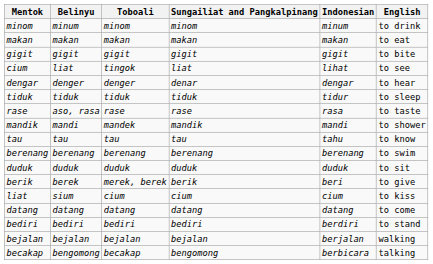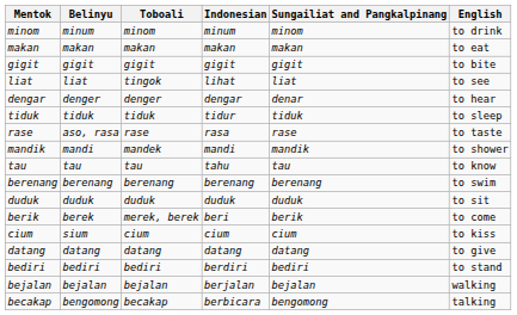 <table class="wikitable">
 <tr>
 <th>Mentok</th>
 <th>Belinyu</th>
 <th>Toboali</th>
+<th>Indonesian</th>
 <th>Sungailiat and Pangkalpinang</th>
-<th>Indonesian</th>
 <th>English</th>
 </tr>
 <tr>
 <td><em>minom</em></td>
 <td><em>minum</em></td>
 <td><em>minom</em></td>
+<td><em>minum</em></td>
 <td><em>minom</em></td>
-<td><em>minum</em></td>
 <td>to drink</td>
 </tr>
 <tr>
 <td><em>makan</em></td>
 <td><em>makan</em></td>
 <td><em>makan</em></td>
 <td><em>makan</em></td>
 <td><em>makan</em></td>
 <td>to eat</td>
 </tr>
 <tr>
 <td><em>gigit</em></td>
 <td><em>gigit</em></td>
 <td><em>gigit</em></td>
 <td><em>gigit</em></td>
 <td><em>gigit</em></td>
 <td>to bite</td>
 </tr>
 <tr>
-<td><em>cium</em></td>
+<td><em>liat</em></td>
 <td><em>liat</em></td>
 <td><em>tingok</em></td>
+<td><em>lihat</em></td>
 <td><em>liat</em></td>
-<td><em>lihat</em></td>
 <td>to see</td>
 </tr>
 <tr>
 <td><em>dengar</em></td>
 <td><em>denger</em></td>
 <td><em>denger</em></td>
+<td><em>dengar</em></td>
 <td><em>denar</em></td>
-<td><em>dengar</em></td>
 <td>to hear</td>
 </tr>
 <tr>
 <td><em>tiduk</em></td>
 <td><em>tiduk</em></td>
 <td><em>tiduk</em></td>
+<td><em>tidur</em></td>
 <td><em>tiduk</em></td>
-<td><em>tidur</em></td>
 <td>to sleep</td>
 </tr>
 <tr>
 <td><em>rase</em></td>
 <td><em>aso, rasa</em></td>
 <td><em>rase</em></td>
+<td><em>rasa</em></td>
 <td><em>rase</em></td>
-<td><em>rasa</em></td>
 <td>to taste</td>
 </tr>
 <tr>
 <td><em>mandik</em></td>
 <td><em>mandi</em></td>
 <td><em>mandek</em></td>
+<td><em>mandi</em></td>
 <td><em>mandik</em></td>
-<td><em>mandi</em></td>
 <td>to shower</td>
 </tr>
 <tr>
 <td><em>tau</em></td>
 <td><em>tau</em></td>
 <td><em>tau</em></td>
+<td><em>tahu</em></td>
 <td><em>tau</em></td>
-<td><em>tahu</em></td>
 <td>to know</td>
 </tr>
 <tr>
 <td><em>berenang</em></td>
 <td><em>berenang</em></td>
 <td><em>berenang</em></td>
 <td><em>berenang</em></td>
 <td><em>berenang</em></td>
 <td>to swim</td>
 </tr>
 <tr>
 <td><em>duduk</em></td>
 <td><em>duduk</em></td>
 <td><em>duduk</em></td>
 <td><em>duduk</em></td>
 <td><em>duduk</em></td>
 <td>to sit</td>
 </tr>
 <tr>
 <td><em>berik</em></td>
 <td><em>berek</em></td>
 <td><em>merek, berek</em></td>
+<td><em>beri</em></td>
 <td><em>berik</em></td>
-<td><em>beri</em></td>
-<td>to give</td>
+<td>to come</td>
 </tr>
 <tr>
-<td><em>liat</em></td>
+<td><em>cium</em></td>
 <td><em>sium</em></td>
 <td><em>cium</em></td>
 <td><em>cium</em></td>
 <td><em>cium</em></td>
 <td>to kiss</td>
 </tr>
 <tr>
 <td><em>datang</em></td>
 <td><em>datang</em></td>
 <td><em>datang</em></td>
 <td><em>datang</em></td>
 <td><em>datang</em></td>
-<td>to come</td>
+<td>to give</td>
 </tr>
 <tr>
 <td><em>bediri</em></td>
 <td><em>bediri</em></td>
 <td><em>bediri</em></td>
+<td><em>berdiri</em></td>
 <td><em>bediri</em></td>
-<td><em>berdiri</em></td>
 <td>to stand</td>
 </tr>
 <tr>
 <td><em>bejalan</em></td>
 <td><em>bejalan</em></td>
 <td><em>bejalan</em></td>
+<td><em>berjalan</em></td>
 <td><em>bejalan</em></td>
-<td><em>berjalan</em></td>
 <td>walking</td>
 </tr>
 <tr>
 <td><em>becakap</em></td>
 <td><em>bengomong</em></td>
 <td><em>becakap</em></td>
+<td><em>berbicara</em></td>
 <td><em>bengomong</em></td>
-<td><em>berbicara</em></td>
 <td>talking</td>
 </tr>
 </table>
